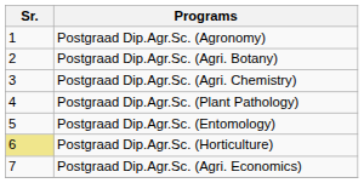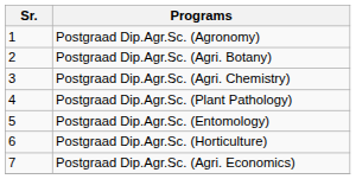 <table class="wikitable">
 <tr>
 <th width="50">Sr.</th>
 <th width="350">Programs</th>
 </tr>
 <tr>
 <td>1</td>
 <td>Postgraad Dip.Agr.Sc. (Agronomy)</td>
 </tr>
 <tr>
 <td>2</td>
 <td>Postgraad Dip.Agr.Sc. (Agri. Botany)</td>
 </tr>
 <tr>
 <td>3</td>
 <td>Postgraad Dip.Agr.Sc. (Agri. Chemistry)</td>
 </tr>
 <tr>
 <td>4</td>
 <td>Postgraad Dip.Agr.Sc. (Plant Pathology)</td>
 </tr>
 <tr>
 <td>5</td>
 <td>Postgraad Dip.Agr.Sc. (Entomology)</td>
 </tr>
 <tr>
-<td style="background: khaki;">6</td>
+<td>6</td>
 <td>Postgraad Dip.Agr.Sc. (Horticulture)</td>
 </tr>
 <tr>
 <td>7</td>
 <td>Postgraad Dip.Agr.Sc. (Agri. Economics)</td>
 </tr>
 <tr>
 </tr>
 </table>
